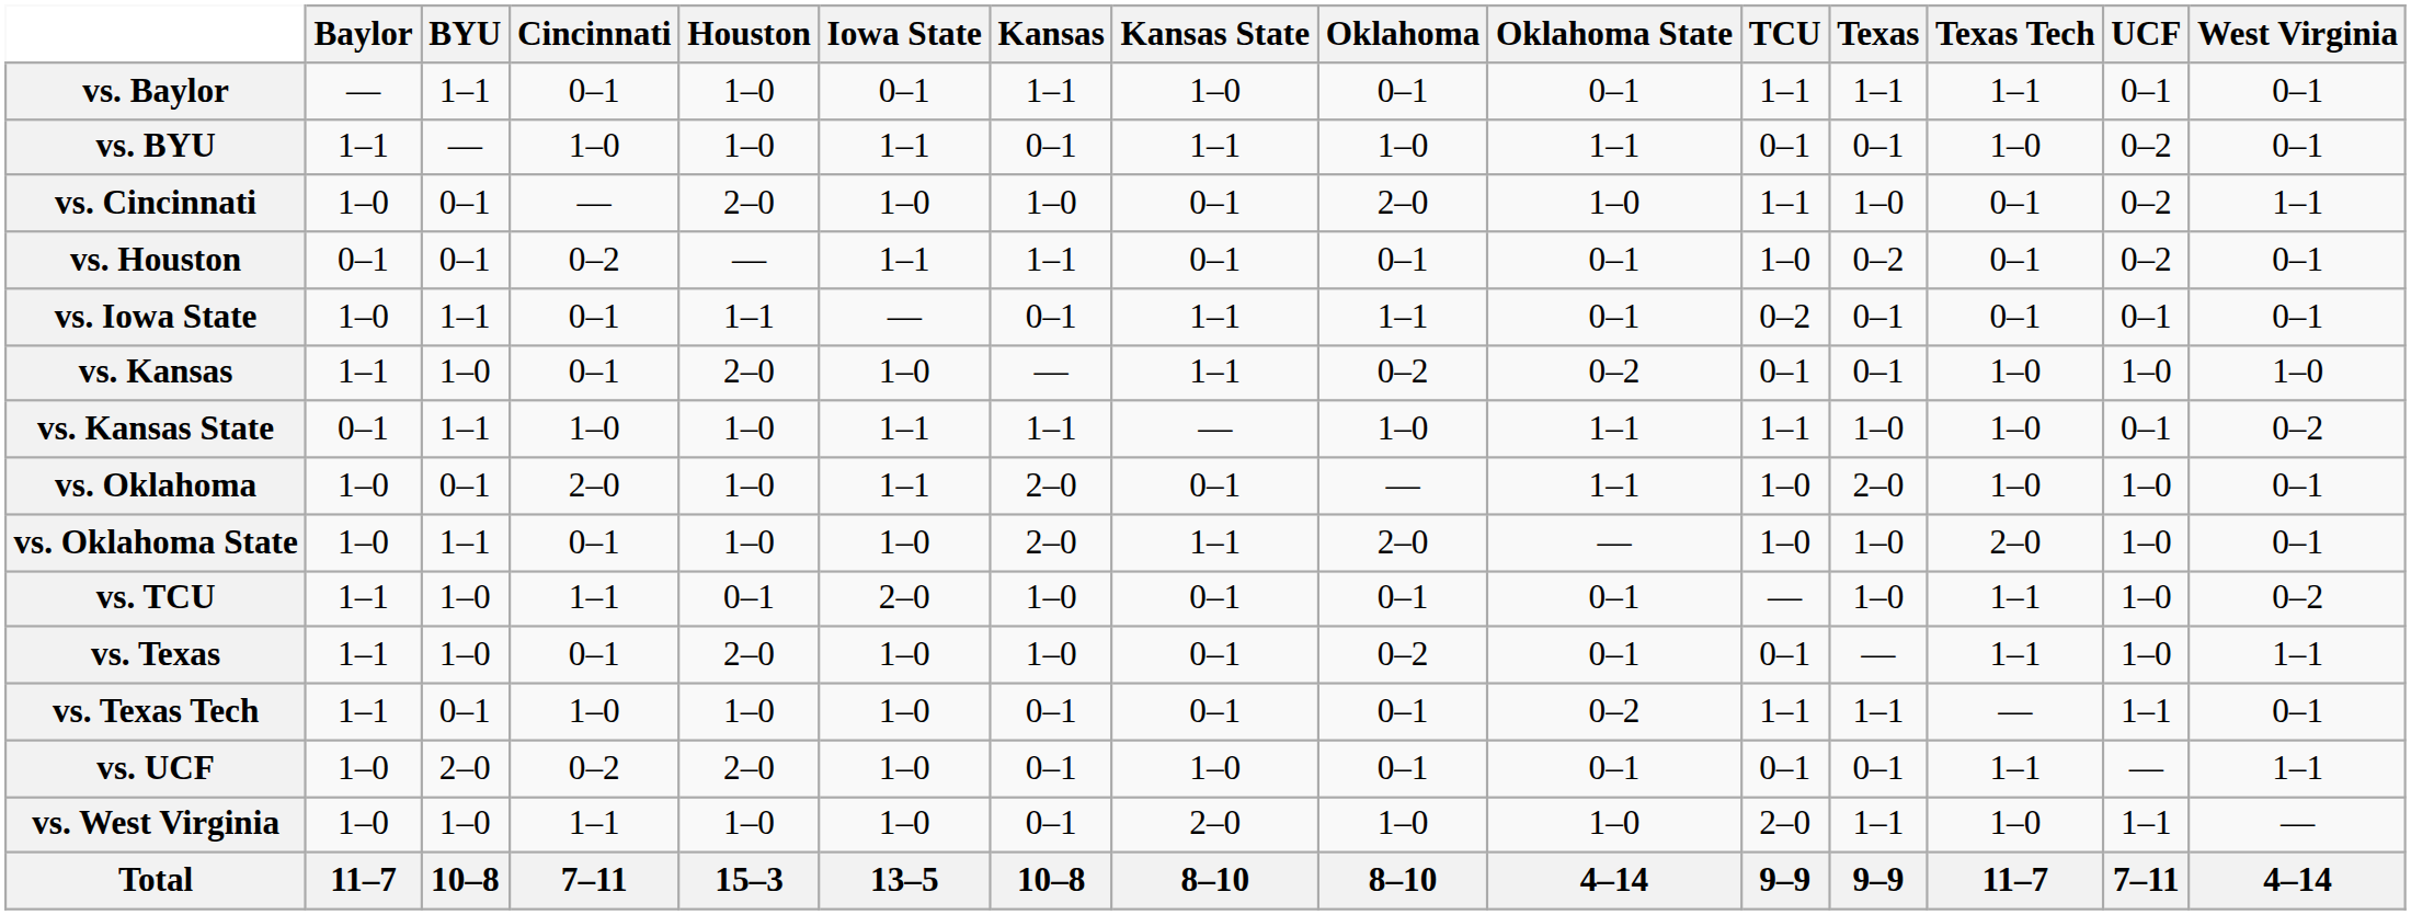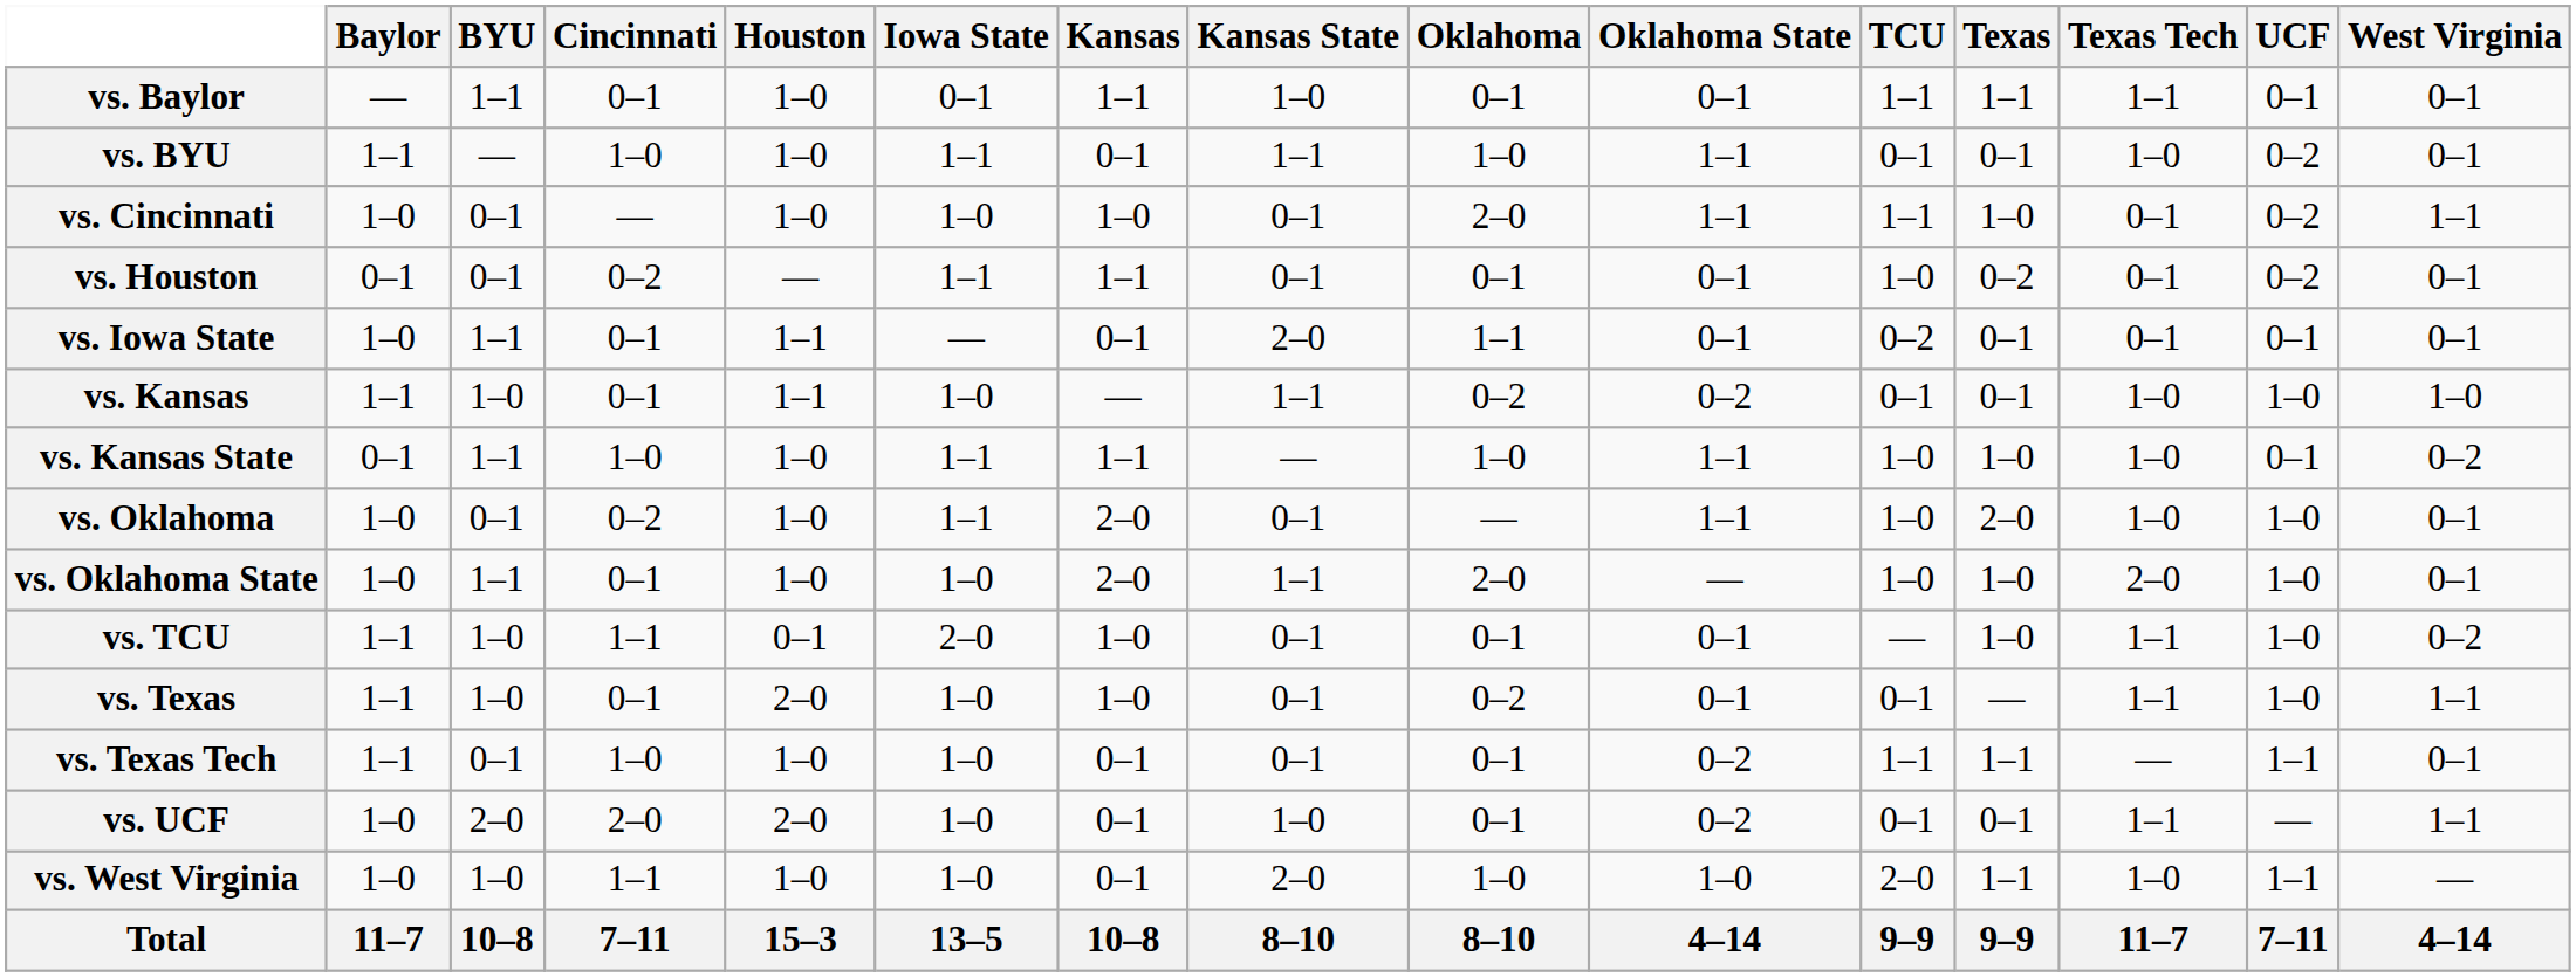 <table class="wikitable" style="white-space:nowrap;font-size:90%;">
 <tr>
 <th colspan="1" style="background:white; border-top-style:hidden; border-left-style:hidden;" width="75"> </th>
 <th>Baylor</th>
 <th>BYU</th>
 <th>Cincinnati</th>
 <th>Houston</th>
 <th>Iowa State</th>
 <th>Kansas</th>
 <th>Kansas State</th>
 <th>Oklahoma</th>
 <th>Oklahoma State</th>
 <th>TCU</th>
 <th>Texas</th>
 <th>Texas Tech</th>
 <th>UCF</th>
 <th>West Virginia</th>
 </tr>
 <tr style="text-align:center;">
 <th>vs. Baylor</th>
 <td>—</td>
 <td>1–1</td>
 <td>0–1</td>
 <td>1–0</td>
 <td>0–1</td>
 <td>1–1</td>
 <td>1–0</td>
 <td>0–1</td>
 <td>0–1</td>
 <td>1–1</td>
 <td>1–1</td>
 <td>1–1</td>
 <td>0–1</td>
 <td>0–1</td>
 </tr>
 <tr style="text-align:center;">
 <th>vs. BYU</th>
 <td>1–1</td>
 <td>—</td>
 <td>1–0</td>
 <td>1–0</td>
 <td>1–1</td>
 <td>0–1</td>
 <td>1–1</td>
 <td>1–0</td>
 <td>1–1</td>
 <td>0–1</td>
 <td>0–1</td>
 <td>1–0</td>
 <td>0–2</td>
 <td>0–1</td>
 </tr>
 <tr style="text-align:center;">
 <th>vs. Cincinnati</th>
 <td>1–0</td>
 <td>0–1</td>
 <td>—</td>
-<td>2–0</td>
+<td>1–0</td>
 <td>1–0</td>
 <td>1–0</td>
 <td>0–1</td>
 <td>2–0</td>
-<td>1–0</td>
+<td>1–1</td>
 <td>1–1</td>
 <td>1–0</td>
 <td>0–1</td>
 <td>0–2</td>
 <td>1–1</td>
 </tr>
 <tr style="text-align:center;">
 <th>vs. Houston</th>
 <td>0–1</td>
 <td>0–1</td>
 <td>0–2</td>
 <td>—</td>
 <td>1–1</td>
 <td>1–1</td>
 <td>0–1</td>
 <td>0–1</td>
 <td>0–1</td>
 <td>1–0</td>
 <td>0–2</td>
 <td>0–1</td>
 <td>0–2</td>
 <td>0–1</td>
 </tr>
 <tr style="text-align:center;">
 <th>vs. Iowa State</th>
 <td>1–0</td>
 <td>1–1</td>
 <td>0–1</td>
 <td>1–1</td>
 <td>—</td>
 <td>0–1</td>
-<td>1–1</td>
+<td>2–0</td>
 <td>1–1</td>
 <td>0–1</td>
 <td>0–2</td>
 <td>0–1</td>
 <td>0–1</td>
 <td>0–1</td>
 <td>0–1</td>
 </tr>
 <tr style="text-align:center;">
 <th>vs. Kansas</th>
 <td>1–1</td>
 <td>1–0</td>
 <td>0–1</td>
-<td>2–0</td>
+<td>1–1</td>
 <td>1–0</td>
 <td>—</td>
 <td>1–1</td>
 <td>0–2</td>
 <td>0–2</td>
 <td>0–1</td>
 <td>0–1</td>
 <td>1–0</td>
 <td>1–0</td>
 <td>1–0</td>
 </tr>
 <tr style="text-align:center;">
 <th>vs. Kansas State</th>
 <td>0–1</td>
 <td>1–1</td>
 <td>1–0</td>
 <td>1–0</td>
 <td>1–1</td>
 <td>1–1</td>
 <td>—</td>
 <td>1–0</td>
 <td>1–1</td>
-<td>1–1</td>
+<td>1–0</td>
 <td>1–0</td>
 <td>1–0</td>
 <td>0–1</td>
 <td>0–2</td>
 </tr>
 <tr style="text-align:center;">
 <th>vs. Oklahoma</th>
 <td>1–0</td>
 <td>0–1</td>
-<td>2–0</td>
+<td>0–2</td>
 <td>1–0</td>
 <td>1–1</td>
 <td>2–0</td>
 <td>0–1</td>
 <td>—</td>
 <td>1–1</td>
 <td>1–0</td>
 <td>2–0</td>
 <td>1–0</td>
 <td>1–0</td>
 <td>0–1</td>
 </tr>
 <tr style="text-align:center;">
 <th>vs. Oklahoma State</th>
 <td>1–0</td>
 <td>1–1</td>
 <td>0–1</td>
 <td>1–0</td>
 <td>1–0</td>
 <td>2–0</td>
 <td>1–1</td>
 <td>2–0</td>
 <td>—</td>
 <td>1–0</td>
 <td>1–0</td>
 <td>2–0</td>
 <td>1–0</td>
 <td>0–1</td>
 </tr>
 <tr style="text-align:center;">
 <th>vs. TCU</th>
 <td>1–1</td>
 <td>1–0</td>
 <td>1–1</td>
 <td>0–1</td>
 <td>2–0</td>
 <td>1–0</td>
 <td>0–1</td>
 <td>0–1</td>
 <td>0–1</td>
 <td>—</td>
 <td>1–0</td>
 <td>1–1</td>
 <td>1–0</td>
 <td>0–2</td>
 </tr>
 <tr style="text-align:center;">
 <th>vs. Texas</th>
 <td>1–1</td>
 <td>1–0</td>
 <td>0–1</td>
 <td>2–0</td>
 <td>1–0</td>
 <td>1–0</td>
 <td>0–1</td>
 <td>0–2</td>
 <td>0–1</td>
 <td>0–1</td>
 <td>—</td>
 <td>1–1</td>
 <td>1–0</td>
 <td>1–1</td>
 </tr>
 <tr style="text-align:center;">
 <th>vs. Texas Tech</th>
 <td>1–1</td>
 <td>0–1</td>
 <td>1–0</td>
 <td>1–0</td>
 <td>1–0</td>
 <td>0–1</td>
 <td>0–1</td>
 <td>0–1</td>
 <td>0–2</td>
 <td>1–1</td>
 <td>1–1</td>
 <td>—</td>
 <td>1–1</td>
 <td>0–1</td>
 </tr>
 <tr style="text-align:center;">
 <th>vs. UCF</th>
 <td>1–0</td>
 <td>2–0</td>
-<td>0–2</td>
+<td>2–0</td>
 <td>2–0</td>
 <td>1–0</td>
 <td>0–1</td>
 <td>1–0</td>
 <td>0–1</td>
-<td>0–1</td>
+<td>0–2</td>
 <td>0–1</td>
 <td>0–1</td>
 <td>1–1</td>
 <td>—</td>
 <td>1–1</td>
 </tr>
 <tr style="text-align:center;">
 <th>vs. West Virginia</th>
 <td>1–0</td>
 <td>1–0</td>
 <td>1–1</td>
 <td>1–0</td>
 <td>1–0</td>
 <td>0–1</td>
 <td>2–0</td>
 <td>1–0</td>
 <td>1–0</td>
 <td>2–0</td>
 <td>1–1</td>
 <td>1–0</td>
 <td>1–1</td>
 <td>—<br></td>
 </tr>
 <tr style="text-align:center;">
 <th>Total</th>
 <th>11–7</th>
 <th>10–8</th>
 <th>7–11</th>
 <th>15–3</th>
 <th>13–5</th>
 <th>10–8</th>
 <th>8–10</th>
 <th>8–10</th>
 <th>4–14</th>
 <th>9–9</th>
 <th>9–9</th>
 <th>11–7</th>
 <th>7–11</th>
 <th>4–14</th>
 </tr>
 </table>
